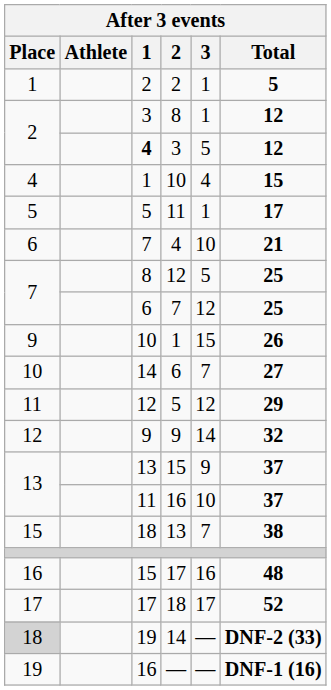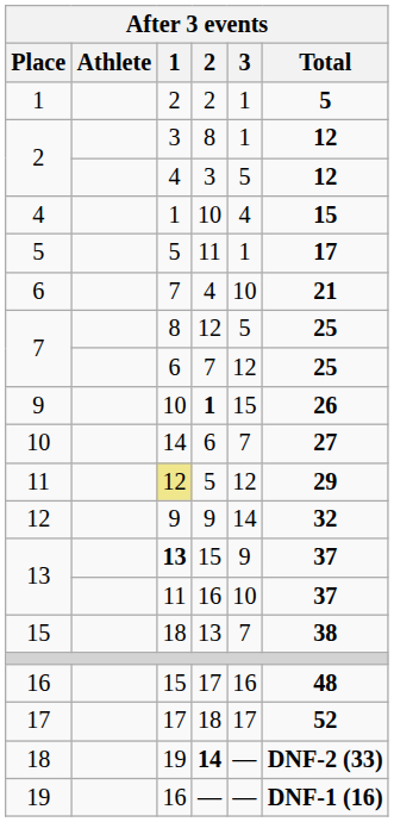 <table class=wikitable style="text-align:center">
 <tr>
 <th colspan=6><strong>After 3 events</strong></th>
 </tr>
 <tr>
 <th>Place</th>
 <th>Athlete</th>
 <th>1</th>
 <th>2</th>
 <th>3</th>
 <th>Total</th>
 </tr>
 <tr>
 <td>1</td>
 <td align=left></td>
 <td>2</td>
 <td>2</td>
 <td>1</td>
 <td><strong>5</strong></td>
 </tr>
 <tr>
 <td rowspan=2>2</td>
 <td align=left></td>
 <td>3</td>
 <td>8</td>
 <td>1</td>
 <td><strong>12</strong></td>
 </tr>
 <tr>
 <td align=left></td>
-<td><strong>4</strong></td>
+<td>4</td>
 <td>3</td>
 <td>5</td>
 <td><strong>12</strong></td>
 </tr>
 <tr>
 <td>4</td>
 <td align=left></td>
 <td>1</td>
 <td>10</td>
 <td>4</td>
 <td><strong>15</strong></td>
 </tr>
 <tr>
 <td>5</td>
 <td align=left></td>
 <td>5</td>
 <td>11</td>
 <td>1</td>
 <td><strong>17</strong></td>
 </tr>
 <tr>
 <td>6</td>
 <td align=left></td>
 <td>7</td>
 <td>4</td>
 <td>10</td>
 <td><strong>21</strong></td>
 </tr>
 <tr>
 <td rowspan=2>7</td>
 <td align=left></td>
 <td>8</td>
 <td>12</td>
 <td>5</td>
 <td><strong>25</strong></td>
 </tr>
 <tr>
 <td align=left></td>
 <td>6</td>
 <td>7</td>
 <td>12</td>
 <td><strong>25</strong></td>
 </tr>
 <tr>
 <td>9</td>
 <td align=left></td>
 <td>10</td>
-<td>1</td>
+<td><strong>1</strong></td>
 <td>15</td>
 <td><strong>26</strong></td>
 </tr>
 <tr>
 <td>10</td>
 <td align=left></td>
 <td>14</td>
 <td>6</td>
 <td>7</td>
 <td><strong>27</strong></td>
 </tr>
 <tr>
 <td>11</td>
 <td align=left></td>
-<td>12</td>
+<td style="background: khaki;">12</td>
 <td>5</td>
 <td>12</td>
 <td><strong>29</strong></td>
 </tr>
 <tr>
 <td>12</td>
 <td align=left></td>
 <td>9</td>
 <td>9</td>
 <td>14</td>
 <td><strong>32</strong></td>
 </tr>
 <tr>
 <td rowspan=2>13</td>
 <td align=left></td>
-<td>13</td>
+<td><strong>13</strong></td>
 <td>15</td>
 <td>9</td>
 <td><strong>37</strong></td>
 </tr>
 <tr>
 <td align=left></td>
 <td>11</td>
 <td>16</td>
 <td>10</td>
 <td><strong>37</strong></td>
 </tr>
 <tr>
 <td>15</td>
 <td align=left></td>
 <td>18</td>
 <td>13</td>
 <td>7</td>
 <td><strong>38</strong></td>
 </tr>
 <tr>
 <td colspan=6 bgcolor=lightgray></td>
 </tr>
 <tr>
 <td>16</td>
 <td align=left></td>
 <td>15</td>
 <td>17</td>
 <td>16</td>
 <td><strong>48</strong></td>
 </tr>
 <tr>
 <td>17</td>
 <td align=left></td>
 <td>17</td>
 <td>18</td>
 <td>17</td>
 <td><strong>52</strong></td>
 </tr>
 <tr>
-<td style="background: lightgrey;">18</td>
+<td>18</td>
 <td align=left></td>
 <td>19</td>
-<td>14</td>
+<td><strong>14</strong></td>
 <td>—</td>
 <td><strong>DNF-2 (33)</strong></td>
 </tr>
 <tr>
 <td>19</td>
 <td align=left></td>
 <td>16</td>
 <td>—</td>
 <td>—</td>
 <td><strong>DNF-1 (16)</strong></td>
 </tr>
 </table>
